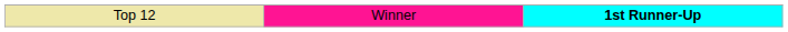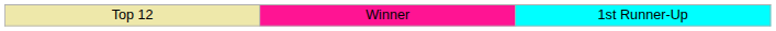 <table class="wikitable" style="margin:1em auto; text-align:center;">
 <tr>
 </tr>
 <tr>
 <td bgcolor="palegoldenrod"  width="10%">Top 12</td>
 <td bgcolor="deeppink" width="10%">Winner</td>
-<td bgcolor="Cyan" width="10%"><strong>1st Runner-Up</strong></td>
+<td bgcolor="Cyan" width="10%">1st Runner-Up</td>
 </tr>
 </table>
